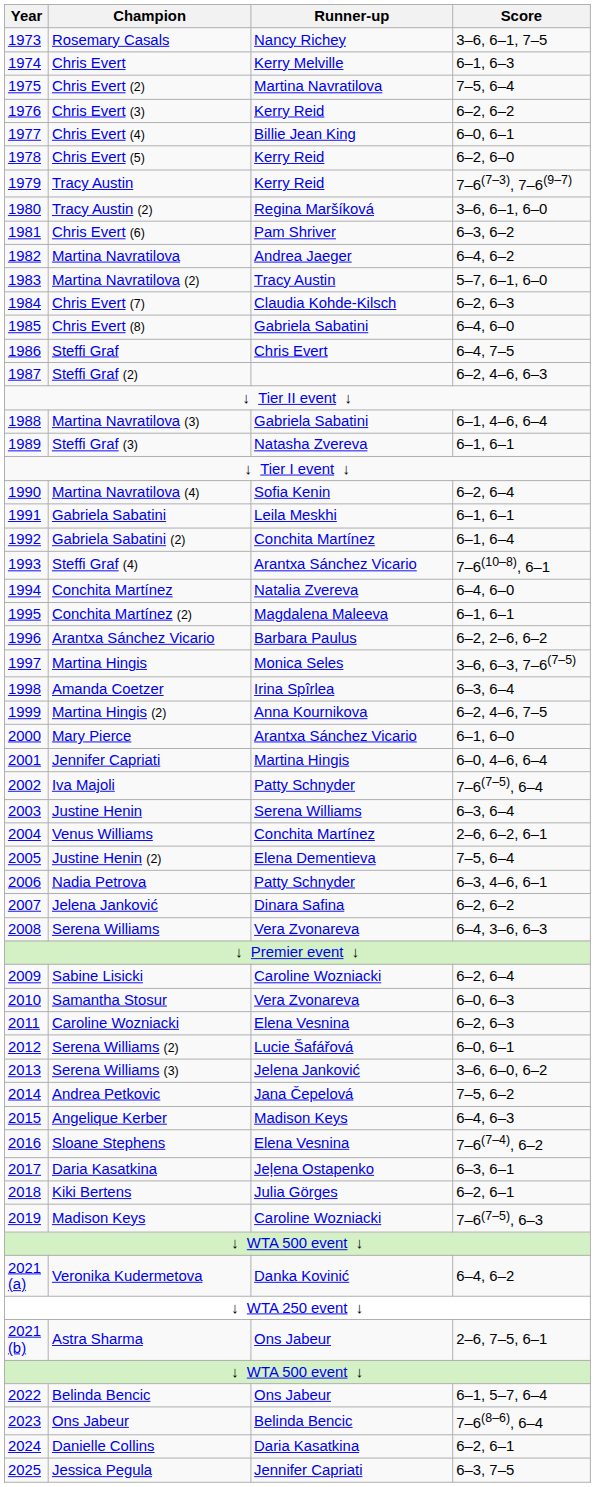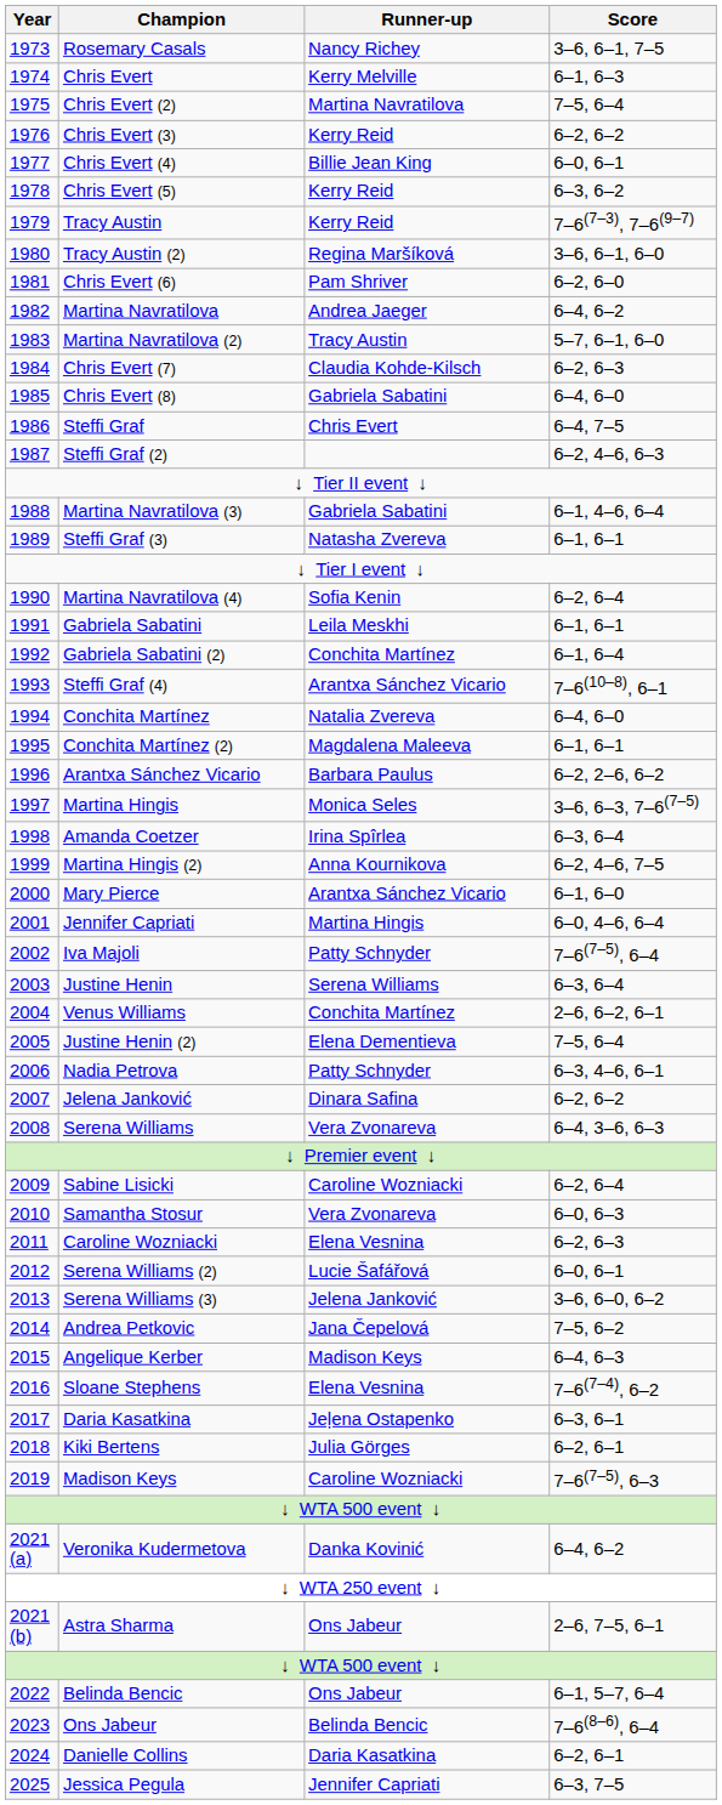 <table class="wikitable">
 <tr>
 <th style="width:40px">Year</th>
 <th style="width:210px">Champion</th>
 <th style="width:210px">Runner-up</th>
 <th style="width:140px" class="unsortable">Score</th>
 </tr>
 <tr>
 <td><a href='#'>1973</a></td>
 <td> <a href='#'>Rosemary Casals</a></td>
 <td> <a href='#'>Nancy Richey</a></td>
 <td>3–6, 6–1, 7–5</td>
 </tr>
 <tr>
 <td><a href='#'>1974</a></td>
 <td> <a href='#'>Chris Evert</a></td>
 <td> <a href='#'>Kerry Melville</a></td>
 <td>6–1, 6–3</td>
 </tr>
 <tr>
 <td><a href='#'>1975</a></td>
 <td> <a href='#'>Chris Evert</a> <small> (2) </small></td>
 <td> <a href='#'>Martina Navratilova</a></td>
 <td>7–5, 6–4</td>
 </tr>
 <tr>
 <td><a href='#'>1976</a></td>
 <td> <a href='#'>Chris Evert</a> <small> (3) </small></td>
 <td> <a href='#'>Kerry Reid</a></td>
 <td>6–2, 6–2</td>
 </tr>
 <tr>
 <td><a href='#'>1977</a></td>
 <td> <a href='#'>Chris Evert</a> <small> (4) </small></td>
 <td> <a href='#'>Billie Jean King</a></td>
 <td>6–0, 6–1</td>
 </tr>
 <tr>
 <td><a href='#'>1978</a></td>
 <td> <a href='#'>Chris Evert</a> <small> (5) </small></td>
 <td> <a href='#'>Kerry Reid</a></td>
-<td>6–2, 6–0</td>
+<td>6–3, 6–2</td>
 </tr>
 <tr>
 <td><a href='#'>1979</a></td>
 <td> <a href='#'>Tracy Austin</a></td>
 <td> <a href='#'>Kerry Reid</a></td>
 <td>7–6<sup>(7–3)</sup>, 7–6<sup>(9–7)</sup></td>
 </tr>
 <tr>
 <td><a href='#'>1980</a></td>
 <td> <a href='#'>Tracy Austin</a> <small> (2) </small></td>
 <td> <a href='#'>Regina Maršíková</a></td>
 <td>3–6, 6–1, 6–0</td>
 </tr>
 <tr>
 <td><a href='#'>1981</a></td>
 <td> <a href='#'>Chris Evert</a> <small> (6) </small></td>
 <td> <a href='#'>Pam Shriver</a></td>
-<td>6–3, 6–2</td>
+<td>6–2, 6–0</td>
 </tr>
 <tr>
 <td><a href='#'>1982</a></td>
 <td> <a href='#'>Martina Navratilova</a></td>
 <td> <a href='#'>Andrea Jaeger</a></td>
 <td>6–4, 6–2</td>
 </tr>
 <tr>
 <td><a href='#'>1983</a></td>
 <td> <a href='#'>Martina Navratilova</a> <small> (2) </small></td>
 <td> <a href='#'>Tracy Austin</a></td>
 <td>5–7, 6–1, 6–0</td>
 </tr>
 <tr>
 <td><a href='#'>1984</a></td>
 <td> <a href='#'>Chris Evert</a> <small> (7) </small></td>
 <td> <a href='#'>Claudia Kohde-Kilsch</a></td>
 <td>6–2, 6–3</td>
 </tr>
 <tr>
 <td><a href='#'>1985</a></td>
 <td> <a href='#'>Chris Evert</a> <small> (8) </small></td>
 <td> <a href='#'>Gabriela Sabatini</a></td>
 <td>6–4, 6–0</td>
 </tr>
 <tr>
 <td><a href='#'>1986</a></td>
 <td> <a href='#'>Steffi Graf</a></td>
 <td> <a href='#'>Chris Evert</a></td>
 <td>6–4, 7–5</td>
 </tr>
 <tr>
 <td><a href='#'>1987</a></td>
 <td> <a href='#'>Steffi Graf</a> <small> (2) </small></td>
 <td></td>
 <td>6–2, 4–6, 6–3</td>
 </tr>
 <tr>
 <td colspan="4" align="center">↓  <a href='#'>Tier II event</a>  ↓</td>
 </tr>
 <tr>
 <td><a href='#'>1988</a></td>
 <td> <a href='#'>Martina Navratilova</a> <small> (3) </small></td>
 <td> <a href='#'>Gabriela Sabatini</a></td>
 <td>6–1, 4–6, 6–4</td>
 </tr>
 <tr>
 <td><a href='#'>1989</a></td>
 <td> <a href='#'>Steffi Graf</a> <small> (3) </small></td>
 <td> <a href='#'>Natasha Zvereva</a></td>
 <td>6–1, 6–1</td>
 </tr>
 <tr>
 <td colspan="4" align="center">↓  <a href='#'>Tier I event</a>  ↓</td>
 </tr>
 <tr>
 <td><a href='#'>1990</a></td>
 <td> <a href='#'>Martina Navratilova</a> <small> (4) </small></td>
 <td> <a href='#'>Sofia Kenin</a></td>
 <td>6–2, 6–4</td>
 </tr>
 <tr>
 <td><a href='#'>1991</a></td>
 <td> <a href='#'>Gabriela Sabatini</a></td>
 <td> <a href='#'>Leila Meskhi</a></td>
 <td>6–1, 6–1</td>
 </tr>
 <tr>
 <td><a href='#'>1992</a></td>
 <td> <a href='#'>Gabriela Sabatini</a> <small> (2) </small></td>
 <td> <a href='#'>Conchita Martínez</a></td>
 <td>6–1, 6–4</td>
 </tr>
 <tr>
 <td><a href='#'>1993</a></td>
 <td> <a href='#'>Steffi Graf</a> <small> (4) </small></td>
 <td> <a href='#'>Arantxa Sánchez Vicario</a></td>
 <td>7–6<sup>(10–8)</sup>, 6–1</td>
 </tr>
 <tr>
 <td><a href='#'>1994</a></td>
 <td> <a href='#'>Conchita Martínez</a></td>
 <td> <a href='#'>Natalia Zvereva</a></td>
 <td>6–4, 6–0</td>
 </tr>
 <tr>
 <td><a href='#'>1995</a></td>
 <td> <a href='#'>Conchita Martínez</a> <small> (2) </small></td>
 <td> <a href='#'>Magdalena Maleeva</a></td>
 <td>6–1, 6–1</td>
 </tr>
 <tr>
 <td><a href='#'>1996</a></td>
 <td> <a href='#'>Arantxa Sánchez Vicario</a></td>
 <td> <a href='#'>Barbara Paulus</a></td>
 <td>6–2, 2–6, 6–2</td>
 </tr>
 <tr>
 <td><a href='#'>1997</a></td>
 <td> <a href='#'>Martina Hingis</a></td>
 <td> <a href='#'>Monica Seles</a></td>
 <td>3–6, 6–3, 7–6<sup>(7–5)</sup></td>
 </tr>
 <tr>
 <td><a href='#'>1998</a></td>
 <td> <a href='#'>Amanda Coetzer</a></td>
 <td> <a href='#'>Irina Spîrlea</a></td>
 <td>6–3, 6–4</td>
 </tr>
 <tr>
 <td><a href='#'>1999</a></td>
 <td> <a href='#'>Martina Hingis</a> <small> (2) </small></td>
 <td> <a href='#'>Anna Kournikova</a></td>
 <td>6–2, 4–6, 7–5</td>
 </tr>
 <tr>
 <td><a href='#'>2000</a></td>
 <td> <a href='#'>Mary Pierce</a></td>
 <td> <a href='#'>Arantxa Sánchez Vicario</a></td>
 <td>6–1, 6–0</td>
 </tr>
 <tr>
 <td><a href='#'>2001</a></td>
 <td> <a href='#'>Jennifer Capriati</a></td>
 <td> <a href='#'>Martina Hingis</a></td>
 <td>6–0, 4–6, 6–4</td>
 </tr>
 <tr>
 <td><a href='#'>2002</a></td>
 <td> <a href='#'>Iva Majoli</a></td>
 <td> <a href='#'>Patty Schnyder</a></td>
 <td>7–6<sup>(7–5)</sup>, 6–4</td>
 </tr>
 <tr>
 <td><a href='#'>2003</a></td>
 <td> <a href='#'>Justine Henin</a></td>
 <td> <a href='#'>Serena Williams</a></td>
 <td>6–3, 6–4</td>
 </tr>
 <tr>
 <td><a href='#'>2004</a></td>
 <td> <a href='#'>Venus Williams</a></td>
 <td> <a href='#'>Conchita Martínez</a></td>
 <td>2–6, 6–2, 6–1</td>
 </tr>
 <tr>
 <td><a href='#'>2005</a></td>
 <td> <a href='#'>Justine Henin</a> <small> (2) </small></td>
 <td> <a href='#'>Elena Dementieva</a></td>
 <td>7–5, 6–4</td>
 </tr>
 <tr>
 <td><a href='#'>2006</a></td>
 <td> <a href='#'>Nadia Petrova</a></td>
 <td> <a href='#'>Patty Schnyder</a></td>
 <td>6–3, 4–6, 6–1</td>
 </tr>
 <tr>
 <td><a href='#'>2007</a></td>
 <td> <a href='#'>Jelena Janković</a></td>
 <td> <a href='#'>Dinara Safina</a></td>
 <td>6–2, 6–2</td>
 </tr>
 <tr>
 <td><a href='#'>2008</a></td>
 <td> <a href='#'>Serena Williams</a></td>
 <td> <a href='#'>Vera Zvonareva</a></td>
 <td>6–4, 3–6, 6–3</td>
 </tr>
 <tr>
 <td colspan="4" style=background:#D4F1C5 align="center">↓  <a href='#'>Premier event</a>  ↓</td>
 </tr>
 <tr>
 <td><a href='#'>2009</a></td>
 <td> <a href='#'>Sabine Lisicki</a></td>
 <td> <a href='#'>Caroline Wozniacki</a></td>
 <td>6–2, 6–4</td>
 </tr>
 <tr>
 <td><a href='#'>2010</a></td>
 <td> <a href='#'>Samantha Stosur</a></td>
 <td> <a href='#'>Vera Zvonareva</a></td>
 <td>6–0, 6–3</td>
 </tr>
 <tr>
 <td><a href='#'>2011</a></td>
 <td> <a href='#'>Caroline Wozniacki</a></td>
 <td> <a href='#'>Elena Vesnina</a></td>
 <td>6–2, 6–3</td>
 </tr>
 <tr>
 <td><a href='#'>2012</a></td>
 <td> <a href='#'>Serena Williams</a> <small> (2) </small></td>
 <td> <a href='#'>Lucie Šafářová</a></td>
 <td>6–0, 6–1</td>
 </tr>
 <tr>
 <td><a href='#'>2013</a></td>
 <td> <a href='#'>Serena Williams</a> <small> (3) </small></td>
 <td> <a href='#'>Jelena Janković</a></td>
 <td>3–6, 6–0, 6–2</td>
 </tr>
 <tr>
 <td><a href='#'>2014</a></td>
 <td> <a href='#'>Andrea Petkovic</a></td>
 <td> <a href='#'>Jana Čepelová</a></td>
 <td>7–5, 6–2</td>
 </tr>
 <tr>
 <td><a href='#'>2015</a></td>
 <td> <a href='#'>Angelique Kerber</a></td>
 <td> <a href='#'>Madison Keys</a></td>
 <td>6–4, 6–3</td>
 </tr>
 <tr>
 <td><a href='#'>2016</a></td>
 <td> <a href='#'>Sloane Stephens</a></td>
 <td> <a href='#'>Elena Vesnina</a></td>
 <td>7–6<sup>(7–4)</sup>, 6–2</td>
 </tr>
 <tr>
 <td><a href='#'>2017</a></td>
 <td> <a href='#'>Daria Kasatkina</a></td>
 <td> <a href='#'>Jeļena Ostapenko</a></td>
 <td>6–3, 6–1</td>
 </tr>
 <tr>
 <td><a href='#'>2018</a></td>
 <td> <a href='#'>Kiki Bertens</a></td>
 <td> <a href='#'>Julia Görges</a></td>
 <td>6–2, 6–1</td>
 </tr>
 <tr>
 <td><a href='#'>2019</a></td>
 <td> <a href='#'>Madison Keys</a></td>
 <td> <a href='#'>Caroline Wozniacki</a></td>
 <td>7–6<sup>(7–5)</sup>, 6–3</td>
 </tr>
 <tr>
 <td colspan="4" style=background:#D4F1C5 align="center">↓  <a href='#'>WTA 500 event</a>  ↓</td>
 </tr>
 <tr>
 <td><a href='#'>2021 (a)</a></td>
 <td> <a href='#'>Veronika Kudermetova</a></td>
 <td> <a href='#'>Danka Kovinić</a></td>
 <td>6–4, 6–2</td>
 </tr>
 <tr>
 <td colspan="4" style=background:#FFF align="center">↓  <a href='#'>WTA 250 event</a>  ↓</td>
 </tr>
 <tr>
 <td><a href='#'>2021 (b)</a></td>
 <td> <a href='#'>Astra Sharma</a></td>
 <td> <a href='#'>Ons Jabeur</a></td>
 <td>2–6, 7–5, 6–1</td>
 </tr>
 <tr>
 <td colspan="4" style=background:#D4F1C5 align="center">↓  <a href='#'>WTA 500 event</a>  ↓</td>
 </tr>
 <tr>
 <td><a href='#'>2022</a></td>
 <td> <a href='#'>Belinda Bencic</a></td>
 <td> <a href='#'>Ons Jabeur</a></td>
 <td>6–1, 5–7, 6–4</td>
 </tr>
 <tr>
 <td><a href='#'>2023</a></td>
 <td> <a href='#'>Ons Jabeur</a></td>
 <td> <a href='#'>Belinda Bencic</a></td>
 <td>7–6<sup>(8–6)</sup>, 6–4</td>
 </tr>
 <tr>
 <td><a href='#'>2024</a></td>
 <td> <a href='#'>Danielle Collins</a></td>
 <td> <a href='#'>Daria Kasatkina</a></td>
 <td>6–2, 6–1</td>
 </tr>
 <tr>
 <td><a href='#'>2025</a></td>
 <td> <a href='#'>Jessica Pegula</a></td>
 <td> <a href='#'>Jennifer Capriati</a></td>
 <td>6–3, 7–5</td>
 </tr>
 </table>
